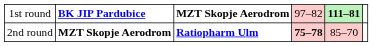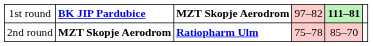 <table cellpadding="3" cellspacing="0" border="1" style="font-size: 95%; border: black solid 1px; border-collapse: collapse;">
 <tr>
 <td align=center>1st round</td>
 <td> <strong><a href='#'>BK JIP Pardubice</a></strong></td>
 <td> <strong>MZT Skopje Aerodrom</strong></td>
 <td align="center" bgcolor=#FFCCCC>97–82</td>
 <td align="center" bgcolor=#BBF3BB><strong>111–81</strong></td>
 <td align="center"></td>
 </tr>
 <tr>
 <td align=center>2nd round</td>
 <td> <strong>MZT Skopje Aerodrom</strong></td>
 <td> <strong><a href='#'>Ratiopharm Ulm</a></strong></td>
-<td align="center" bgcolor=#FFCCCC><strong>75–78</strong></td>
+<td align="center" bgcolor=#FFCCCC>75–78</td>
 <td align="center" bgcolor=#FFCCCC>85–70</td>
 <td align="center"></td>
 </tr>
 </table>
